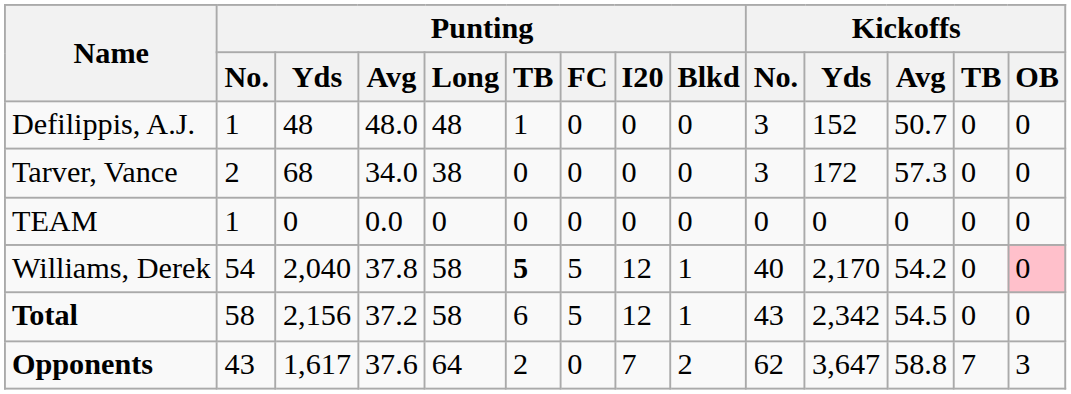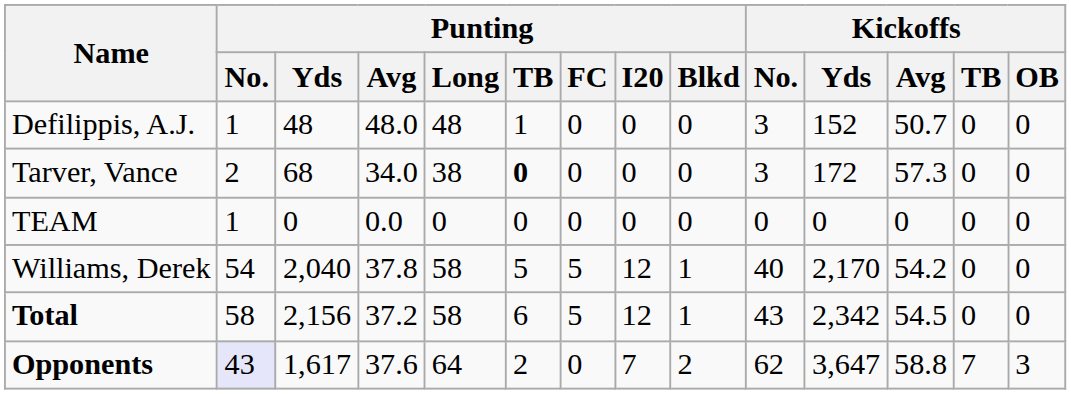 <table class="wikitable" style="white-space:nowrap;">
 <tr>
 <th rowspan="2">Name</th>
 <th colspan="8">Punting</th>
 <th colspan="5">Kickoffs</th>
 </tr>
 <tr>
 <th>No.</th>
 <th>Yds</th>
 <th>Avg</th>
 <th>Long</th>
 <th>TB</th>
 <th>FC</th>
 <th>I20</th>
 <th>Blkd</th>
 <th>No.</th>
 <th>Yds</th>
 <th>Avg</th>
 <th>TB</th>
 <th>OB</th>
 </tr>
 <tr>
 <td>Defilippis, A.J.</td>
 <td>1</td>
 <td>48</td>
 <td>48.0</td>
 <td>48</td>
 <td>1</td>
 <td>0</td>
 <td>0</td>
 <td>0</td>
 <td>3</td>
 <td>152</td>
 <td>50.7</td>
 <td>0</td>
 <td>0</td>
 </tr>
 <tr>
 <td>Tarver, Vance</td>
 <td>2</td>
 <td>68</td>
 <td>34.0</td>
 <td>38</td>
-<td>0</td>
+<td><strong>0</strong></td>
 <td>0</td>
 <td>0</td>
 <td>0</td>
 <td>3</td>
 <td>172</td>
 <td>57.3</td>
 <td>0</td>
 <td>0</td>
 </tr>
 <tr>
 <td>TEAM</td>
 <td>1</td>
 <td>0</td>
 <td>0.0</td>
 <td>0</td>
 <td>0</td>
 <td>0</td>
 <td>0</td>
 <td>0</td>
 <td>0</td>
 <td>0</td>
 <td>0</td>
 <td>0</td>
 <td>0</td>
 </tr>
 <tr>
 <td>Williams, Derek</td>
 <td>54</td>
 <td>2,040</td>
 <td>37.8</td>
 <td>58</td>
-<td><strong>5</strong></td>
+<td>5</td>
 <td>5</td>
 <td>12</td>
 <td>1</td>
 <td>40</td>
 <td>2,170</td>
 <td>54.2</td>
 <td>0</td>
-<td style="background: pink;">0</td>
+<td>0</td>
 </tr>
 <tr>
 <td><strong>Total</strong></td>
 <td>58</td>
 <td>2,156</td>
 <td>37.2</td>
 <td>58</td>
 <td>6</td>
 <td>5</td>
 <td>12</td>
 <td>1</td>
 <td>43</td>
 <td>2,342</td>
 <td>54.5</td>
 <td>0</td>
 <td>0</td>
 </tr>
 <tr>
 <td><strong>Opponents</strong></td>
-<td>43</td>
+<td style="background: lavender;">43</td>
 <td>1,617</td>
 <td>37.6</td>
 <td>64</td>
 <td>2</td>
 <td>0</td>
 <td>7</td>
 <td>2</td>
 <td>62</td>
 <td>3,647</td>
 <td>58.8</td>
 <td>7</td>
 <td>3</td>
 </tr>
 </table>
